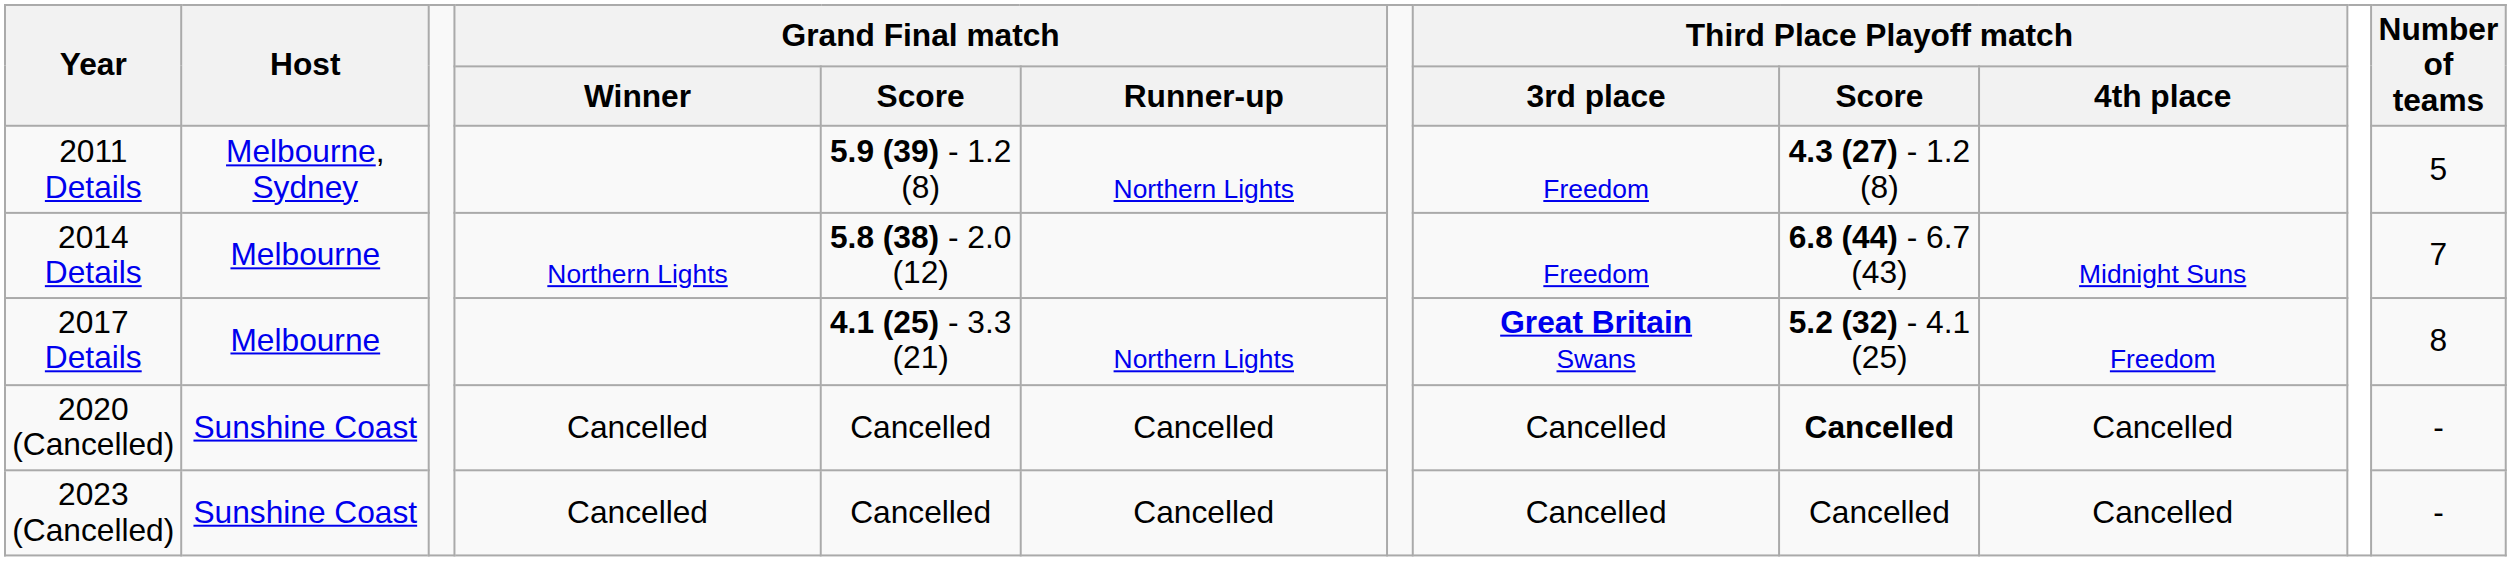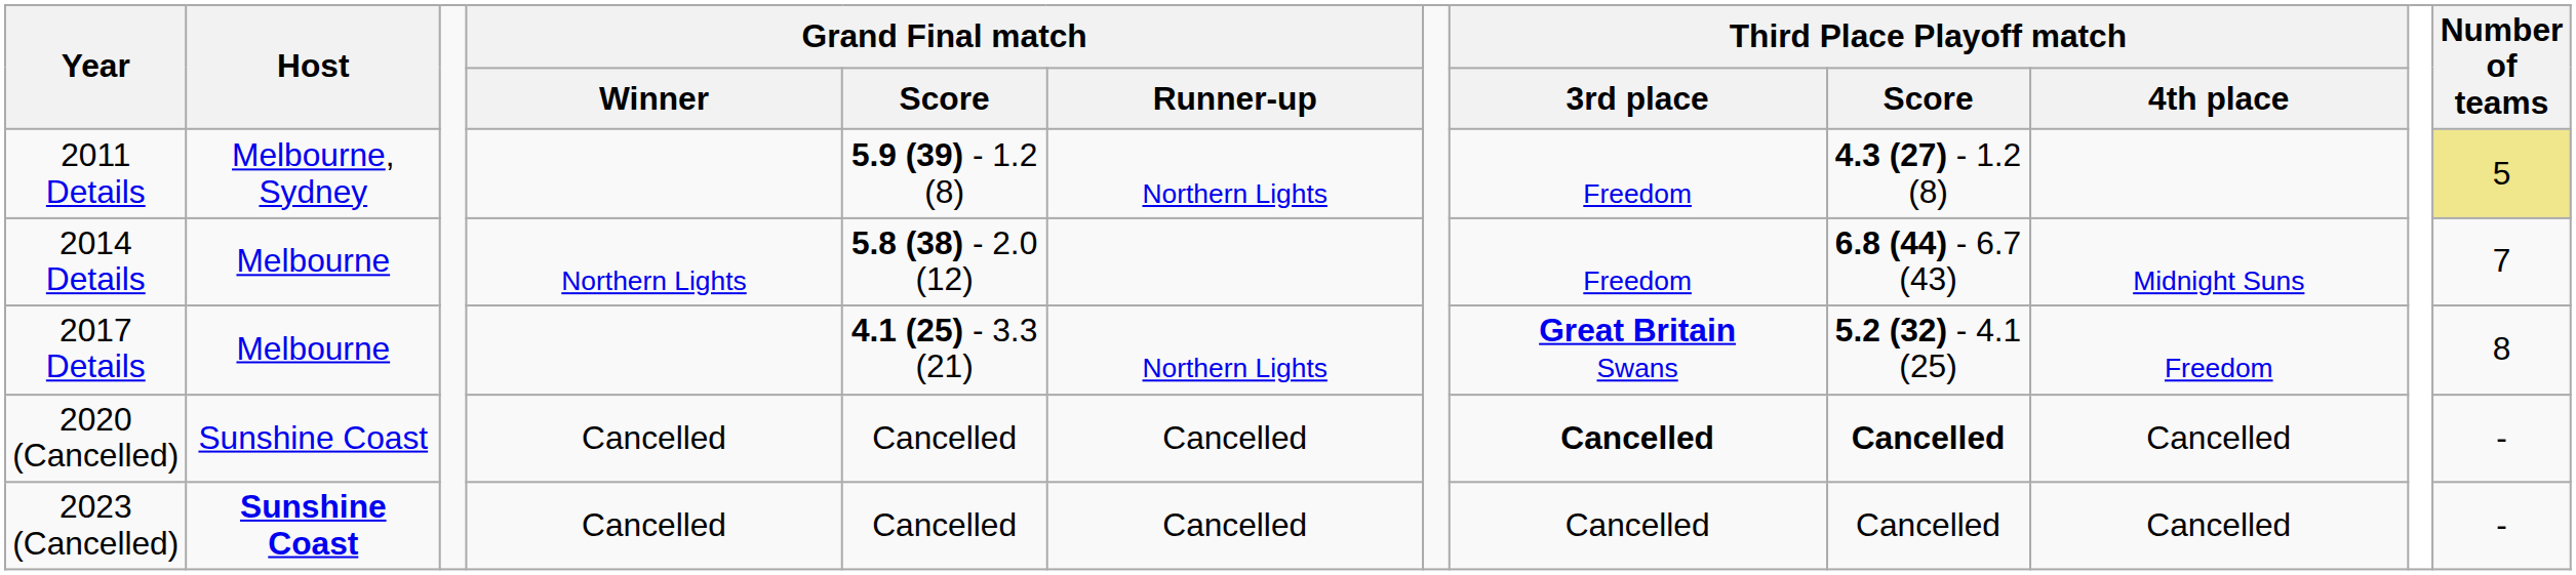 <table class="wikitable" style="width:100%; text-align: center;">
 <tr>
 <th rowspan=2 width=5%>Year</th>
 <th rowspan=2 width=10%>Host</th>
 <td rowspan="7" width="1%"></td>
 <th colspan=3>Grand Final match</th>
 <td rowspan="7" width="1%"></td>
 <th colspan=3>Third Place Playoff match</th>
 <th rowspan="7" width="1%" style="background: #ffffff"></th>
 <th rowspan=2 width=4%>Number of teams</th>
 </tr>
 <tr>
 <th width=15%>Winner</th>
 <th width=8%>Score</th>
 <th width=15%>Runner-up</th>
 <th width=15%>3rd place</th>
 <th width=8%>Score</th>
 <th width=15%>4th place</th>
 </tr>
 <tr>
 <td>2011<br> <a href='#'>Details</a></td>
 <td><a href='#'>Melbourne</a>, <a href='#'>Sydney</a></td>
 <td><strong></strong></td>
 <td><strong>5.9 (39)</strong> - 1.2 (8)</td>
 <td><strong></strong><br><small><a href='#'>Northern Lights</a></small></td>
 <td><strong></strong><br><small><a href='#'>Freedom</a></small></td>
 <td><strong>4.3 (27)</strong> - 1.2 (8)</td>
 <td><strong></strong></td>
-<td>5</td>
+<td style="background: khaki;">5</td>
 </tr>
 <tr>
 <td>2014<br> <a href='#'>Details</a></td>
 <td><a href='#'>Melbourne</a></td>
 <td><strong></strong><br><small><a href='#'>Northern Lights</a></small></td>
 <td><strong>5.8 (38)</strong> - 2.0 (12)</td>
 <td><strong></strong></td>
 <td><strong></strong><br><small><a href='#'>Freedom</a></small></td>
 <td><strong>6.8 (44)</strong> - 6.7 (43)</td>
 <td><strong></strong><br><small><a href='#'>Midnight Suns</a></small></td>
 <td>7</td>
 </tr>
 <tr>
 <td>2017<br> <a href='#'>Details</a></td>
 <td><a href='#'>Melbourne</a></td>
 <td><strong></strong></td>
 <td><strong>4.1 (25)</strong> - 3.3 (21)</td>
 <td><strong></strong><br><small><a href='#'>Northern Lights</a></small></td>
 <td><strong> <a href='#'>Great Britain</a></strong><br><small><a href='#'>Swans</a></small></td>
 <td><strong>5.2 (32)</strong> - 4.1 (25)</td>
 <td><strong></strong><br><small><a href='#'>Freedom</a></small></td>
 <td>8</td>
 </tr>
 <tr>
 <td>2020 (Cancelled)</td>
 <td><a href='#'>Sunshine Coast</a></td>
 <td>Cancelled</td>
 <td>Cancelled</td>
 <td>Cancelled</td>
-<td>Cancelled</td>
+<td><strong>Cancelled</strong></td>
 <td><strong>Cancelled</strong></td>
 <td>Cancelled</td>
 <td>-</td>
 </tr>
 <tr>
 <td>2023 (Cancelled)</td>
-<td><a href='#'>Sunshine Coast</a></td>
+<td><strong><a href='#'>Sunshine Coast</a></strong></td>
 <td>Cancelled</td>
 <td>Cancelled</td>
 <td>Cancelled</td>
 <td>Cancelled</td>
 <td>Cancelled</td>
 <td>Cancelled</td>
 <td>-</td>
 </tr>
 </table>
